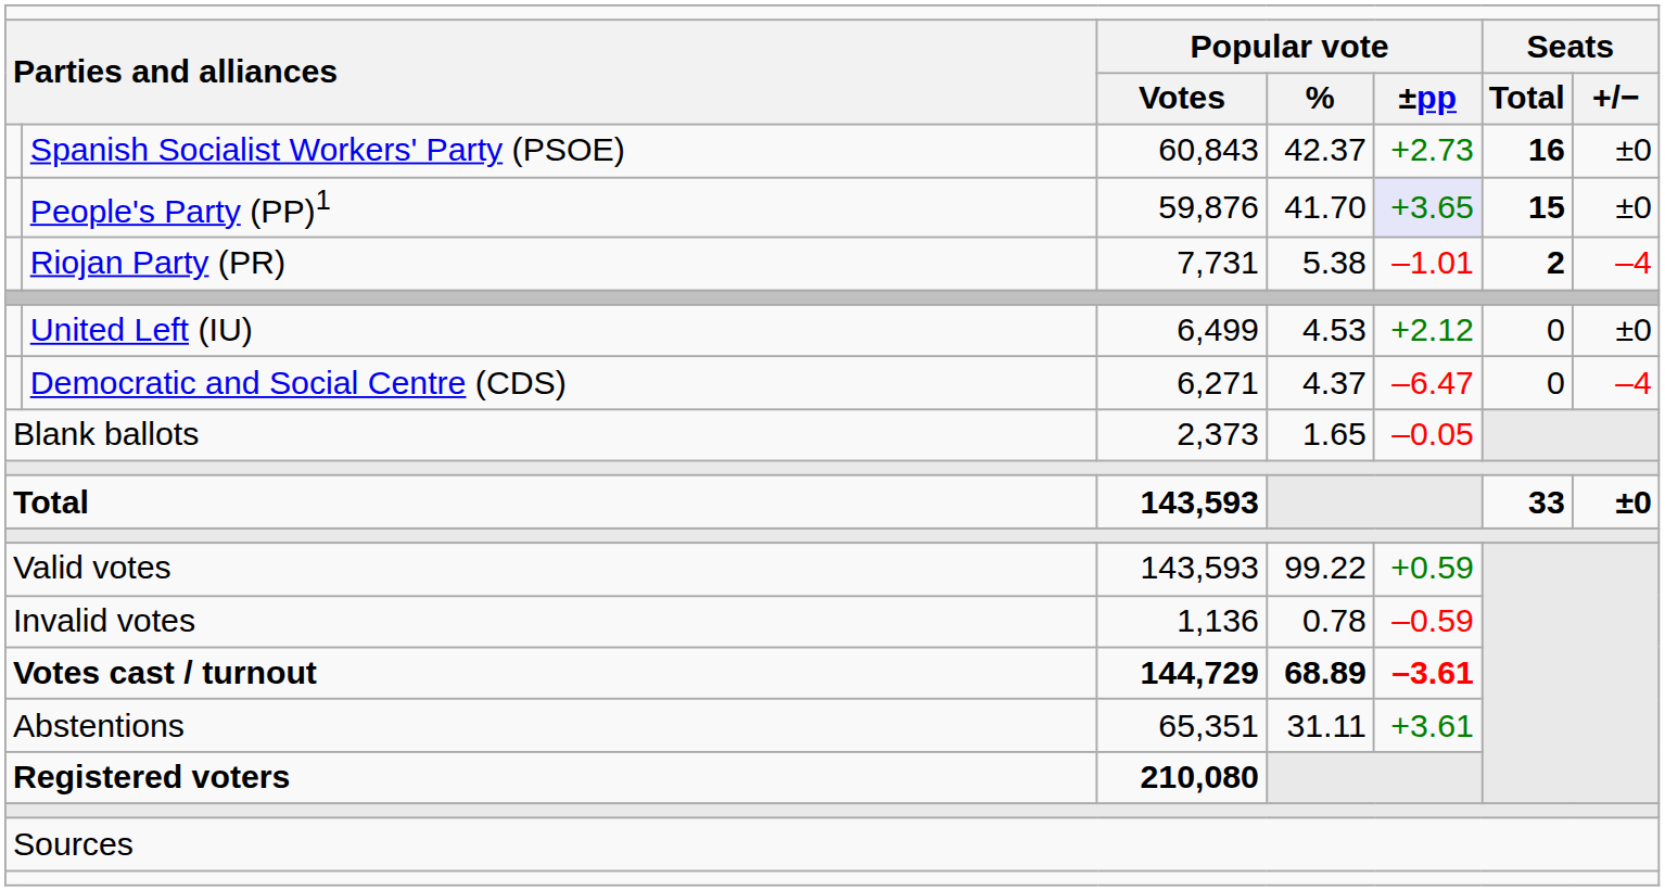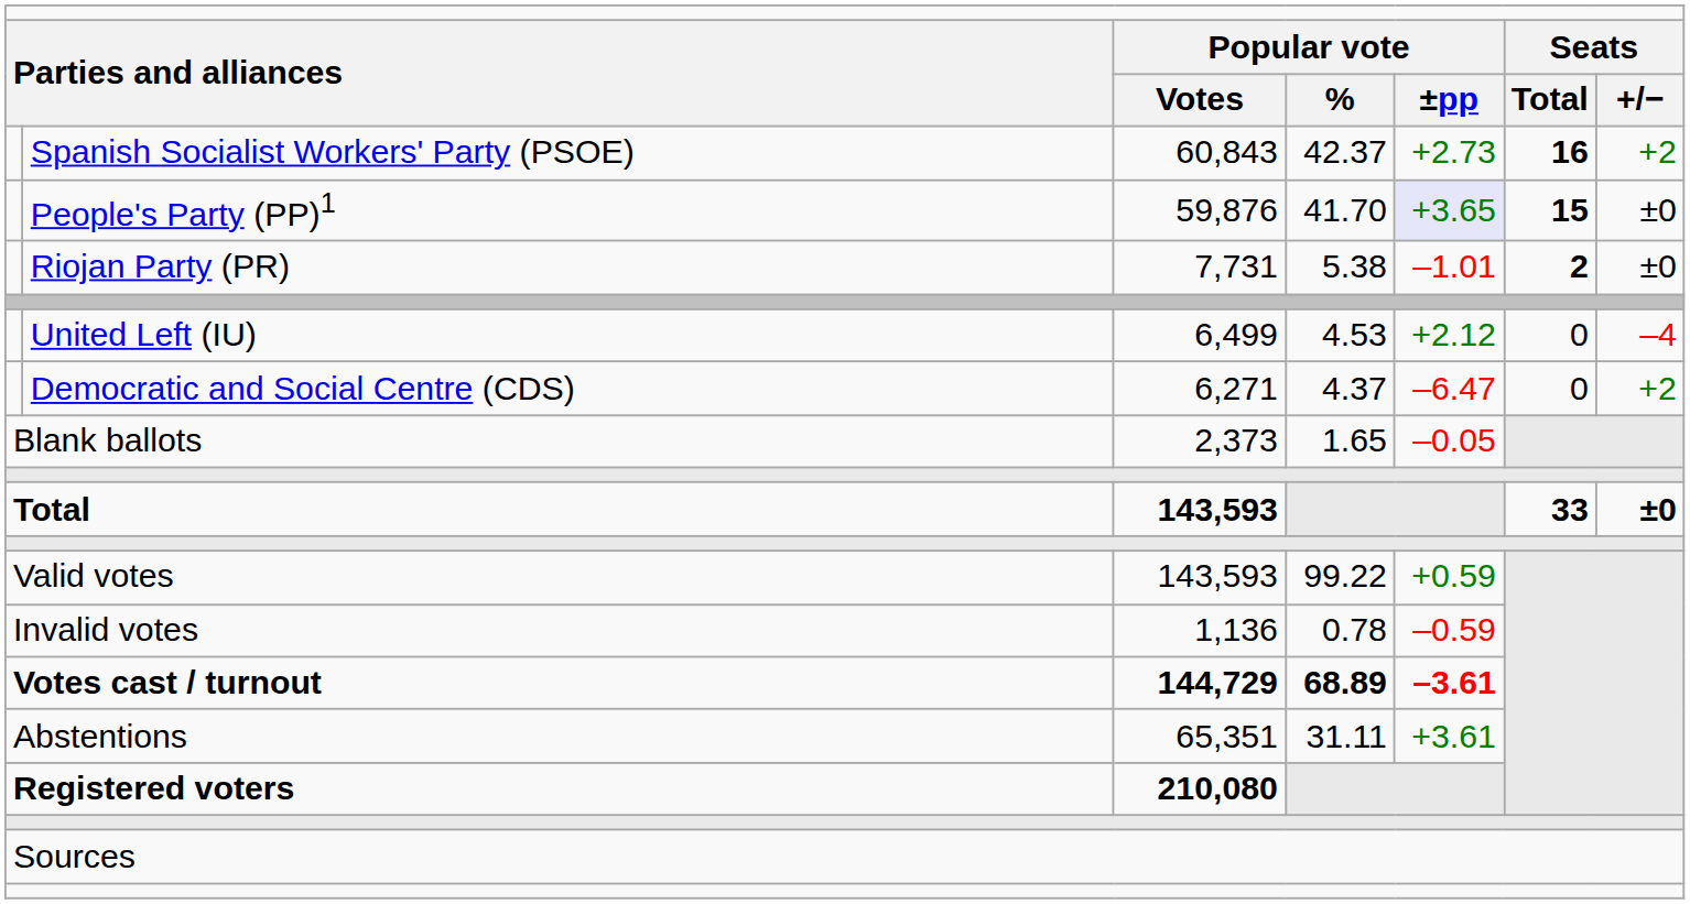 <table class="wikitable" style="text-align:right;">
 <tr>
 <td colspan="7"></td>
 </tr>
 <tr>
 <th style="text-align:left;" rowspan="2" colspan="2" width="525">Parties and alliances</th>
 <th colspan="3">Popular vote</th>
 <th colspan="2">Seats</th>
 </tr>
 <tr>
 <th width="75">Votes</th>
 <th width="45">%</th>
 <th width="45">±<a href='#'>pp</a></th>
 <th width="35">Total</th>
 <th width="35">+/−</th>
 </tr>
 <tr>
 <td width="1" style="color:inherit;background:"></td>
 <td align="left"><a href='#'>Spanish Socialist Workers' Party</a> (PSOE)</td>
 <td>60,843</td>
 <td>42.37</td>
 <td style="color:green;">+2.73</td>
 <td><strong>16</strong></td>
-<td>±0</td>
+<td style="color:green;">+2</td>
 </tr>
 <tr>
 <td style="color:inherit;background:"></td>
 <td align="left"><a href='#'>People's Party</a> (PP)<sup>1</sup></td>
 <td>59,876</td>
 <td>41.70</td>
 <td style="background: lavender; color:green;">+3.65</td>
 <td><strong>15</strong></td>
 <td>±0</td>
 </tr>
 <tr>
 <td style="color:inherit;background:"></td>
 <td align="left"><a href='#'>Riojan Party</a> (PR)</td>
 <td>7,731</td>
 <td>5.38</td>
 <td style="color:red;">–1.01</td>
 <td><strong>2</strong></td>
-<td style="color:red;">–4</td>
+<td>±0</td>
 </tr>
 <tr>
 <td colspan="7" bgcolor="#C0C0C0"></td>
 </tr>
 <tr>
 <td style="color:inherit;background:"></td>
 <td align="left"><a href='#'>United Left</a> (IU)</td>
 <td>6,499</td>
 <td>4.53</td>
 <td style="color:green;">+2.12</td>
 <td>0</td>
-<td>±0</td>
+<td style="color:red;">–4</td>
 </tr>
 <tr>
 <td style="color:inherit;background:"></td>
 <td align="left"><a href='#'>Democratic and Social Centre</a> (CDS)</td>
 <td>6,271</td>
 <td>4.37</td>
 <td style="color:red;">–6.47</td>
 <td>0</td>
-<td style="color:red;">–4</td>
+<td style="color:green;">+2</td>
 </tr>
 <tr>
 <td align="left" colspan="2">Blank ballots</td>
 <td>2,373</td>
 <td>1.65</td>
 <td style="color:red;">–0.05</td>
 <td bgcolor="#E9E9E9" colspan="2"></td>
 </tr>
 <tr>
 <td colspan="7" bgcolor="#E9E9E9"></td>
 </tr>
 <tr style="font-weight:bold;">
 <td align="left" colspan="2">Total</td>
 <td>143,593</td>
 <td bgcolor="#E9E9E9" colspan="2"></td>
 <td>33</td>
 <td>±0</td>
 </tr>
 <tr>
 <td colspan="7" bgcolor="#E9E9E9"></td>
 </tr>
 <tr>
 <td align="left" colspan="2">Valid votes</td>
 <td>143,593</td>
 <td>99.22</td>
 <td style="color:green;">+0.59</td>
 <td bgcolor="#E9E9E9" colspan="2" rowspan="5"></td>
 </tr>
 <tr>
 <td align="left" colspan="2">Invalid votes</td>
 <td>1,136</td>
 <td>0.78</td>
 <td style="color:red;">–0.59</td>
 </tr>
 <tr style="font-weight:bold;">
 <td align="left" colspan="2">Votes cast / turnout</td>
 <td>144,729</td>
 <td>68.89</td>
 <td style="color:red;">–3.61</td>
 </tr>
 <tr>
 <td align="left" colspan="2">Abstentions</td>
 <td>65,351</td>
 <td>31.11</td>
 <td style="color:green;">+3.61</td>
 </tr>
 <tr style="font-weight:bold;">
 <td align="left" colspan="2">Registered voters</td>
 <td>210,080</td>
 <td bgcolor="#E9E9E9" colspan="2"></td>
 </tr>
 <tr>
 <td colspan="7" bgcolor="#E9E9E9"></td>
 </tr>
 <tr>
 <td align="left" colspan="7">Sources</td>
 </tr>
 <tr>
 <td colspan="7" style="text-align:left; max-width:790px;"></td>
 </tr>
 </table>
